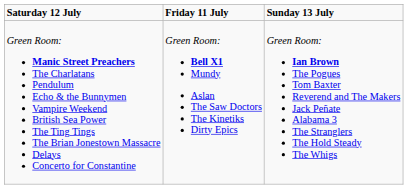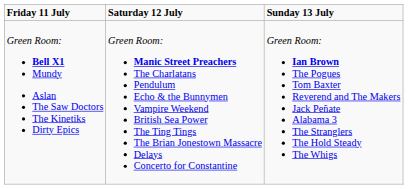 <table class="wikitable">
 <tr>
+<td><strong>Friday 11 July</strong></td>
 <td><strong>Saturday 12 July</strong></td>
-<td><strong>Friday 11 July</strong></td>
 <td><strong>Sunday 13 July</strong></td>
 </tr>
 <tr valign="top">
+<td><br><em>Green Room:</em><ul><li><strong><a href='#'>Bell X1</a></strong></li><li><a href='#'>Mundy</a></li></ul><ul><li><a href='#'>Aslan</a></li><li><a href='#'>The Saw Doctors</a></li><li><a href='#'>The Kinetiks</a></li><li><a href='#'>Dirty Epics</a></li></ul></td>
 <td><br><em>Green Room:</em><ul><li><strong><a href='#'>Manic Street Preachers</a></strong></li><li><a href='#'>The Charlatans</a></li><li><a href='#'>Pendulum</a></li><li><a href='#'>Echo & the Bunnymen</a></li><li><a href='#'>Vampire Weekend</a></li><li><a href='#'>British Sea Power</a></li><li><a href='#'>The Ting Tings</a></li><li><a href='#'>The Brian Jonestown Massacre</a></li><li><a href='#'>Delays</a></li><li><a href='#'>Concerto for Constantine</a></li></ul></td>
-<td><br><em>Green Room:</em><ul><li><strong><a href='#'>Bell X1</a></strong></li><li><a href='#'>Mundy</a></li></ul><ul><li><a href='#'>Aslan</a></li><li><a href='#'>The Saw Doctors</a></li><li><a href='#'>The Kinetiks</a></li><li><a href='#'>Dirty Epics</a></li></ul></td>
 <td><br><em>Green Room:</em><ul><li><strong><a href='#'>Ian Brown</a></strong></li><li><a href='#'>The Pogues</a></li><li><a href='#'>Tom Baxter</a></li><li><a href='#'>Reverend and The Makers</a></li><li><a href='#'>Jack Peñate</a></li><li><a href='#'>Alabama 3</a></li><li><a href='#'>The Stranglers</a></li><li><a href='#'>The Hold Steady</a></li><li><a href='#'>The Whigs</a></li></ul></td>
 </tr>
 </table>
